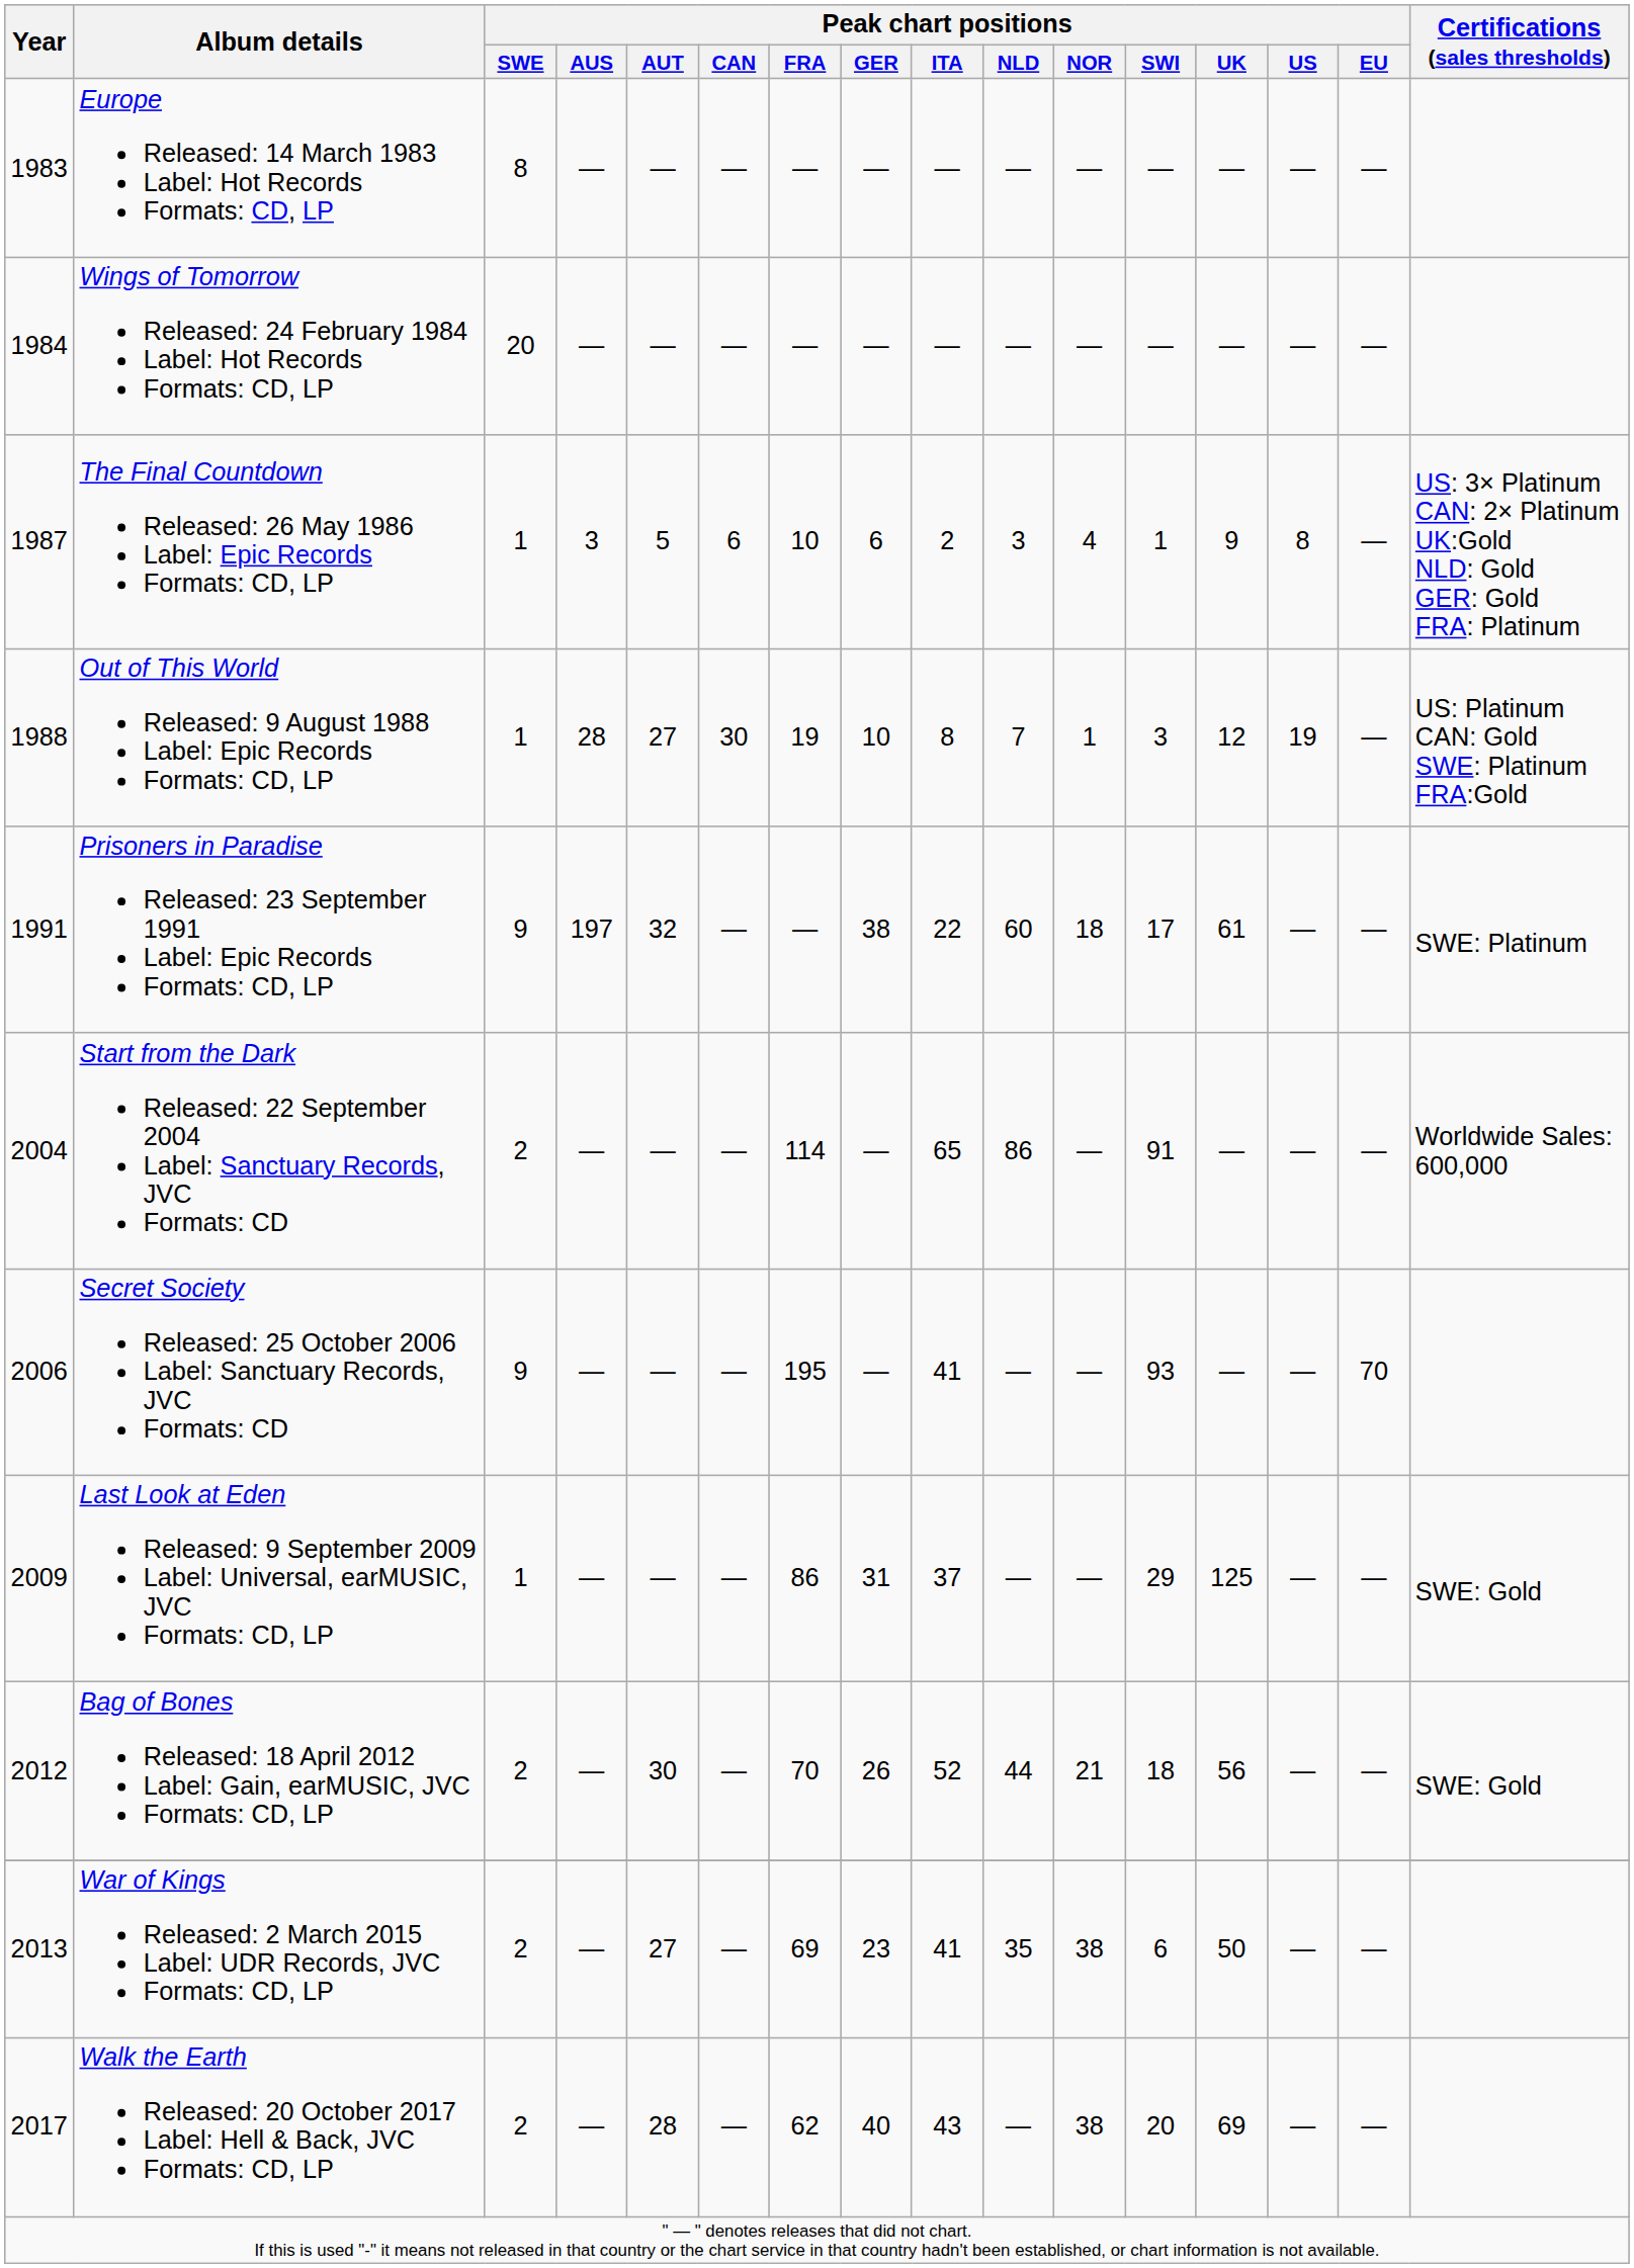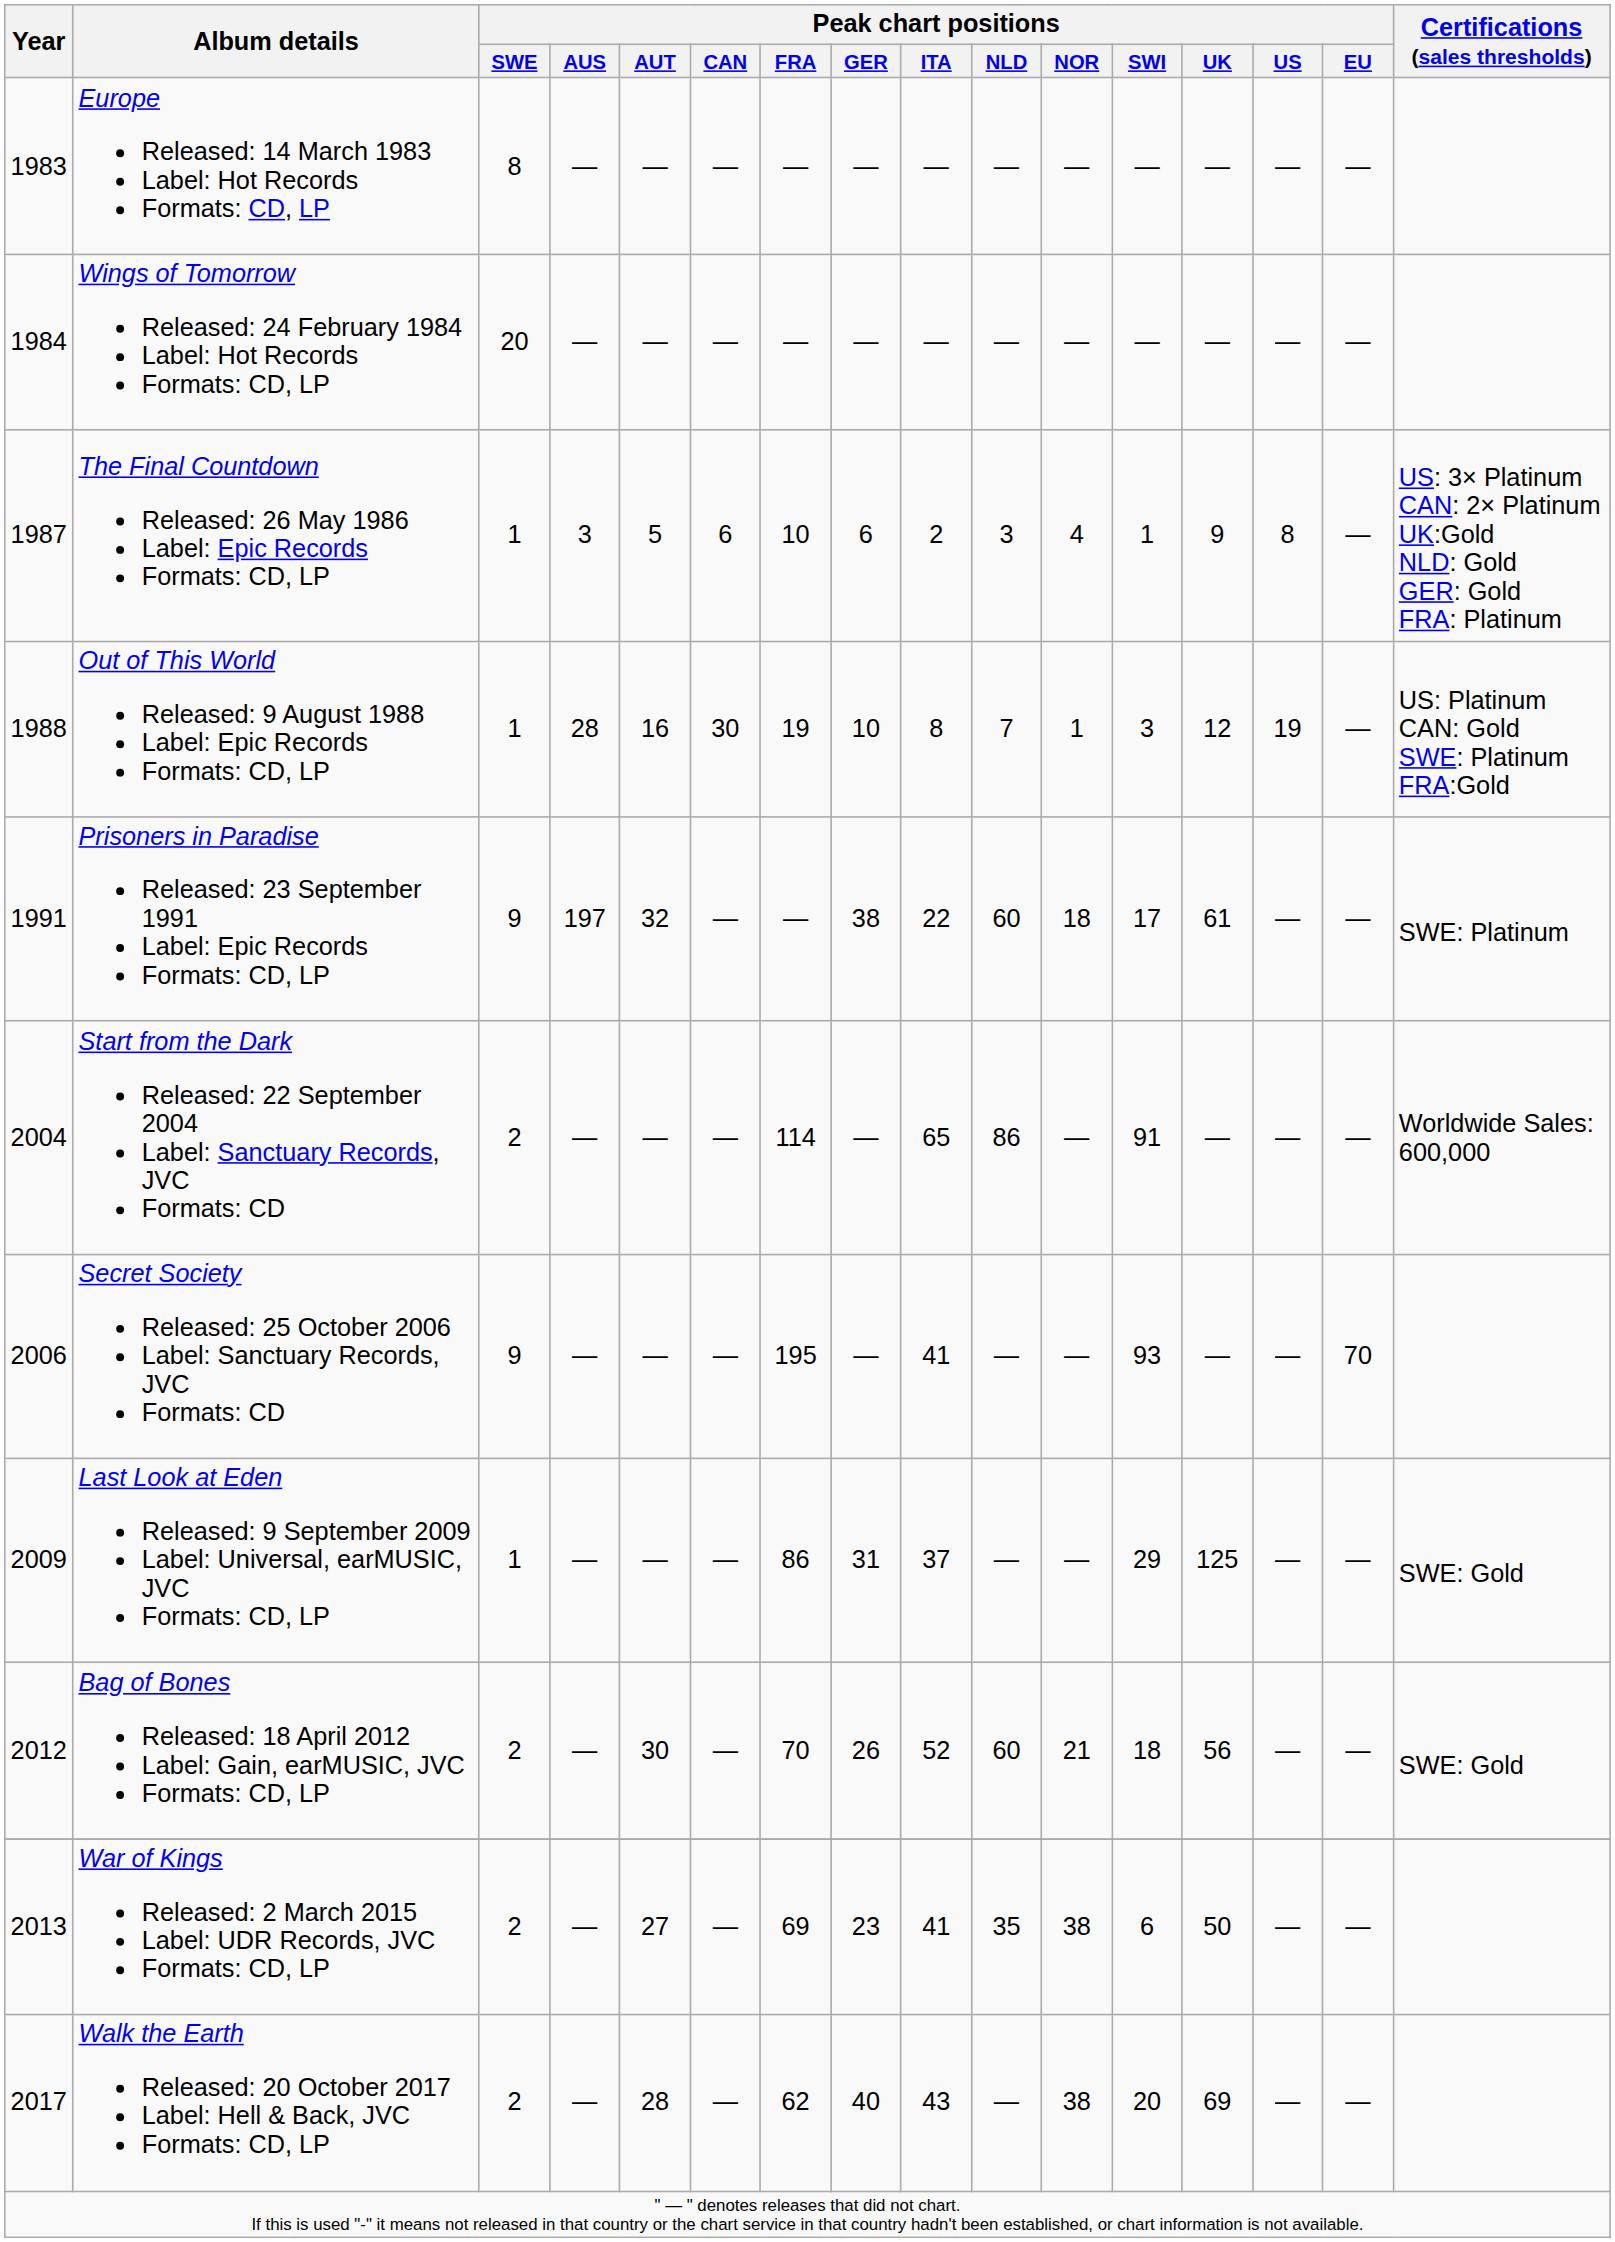 <table class="wikitable">
 <tr>
 <th rowspan="2">Year</th>
 <th rowspan="2" width="250">Album details</th>
 <th colspan="13">Peak chart positions</th>
 <th rowspan="2" width="130"><a href='#'>Certifications</a><br><small>(<a href='#'>sales thresholds</a>)</small></th>
 </tr>
 <tr>
 <th style="width:3em;font-size:80%"><a href='#'>SWE</a><br></th>
 <th style="width:3em;font-size:80%"><a href='#'>AUS</a><br></th>
 <th style="width:3em;font-size:80%"><a href='#'>AUT</a><br></th>
 <th style="width:3em;font-size:80%"><a href='#'>CAN</a><br></th>
 <th style="width:3em;font-size:80%"><a href='#'>FRA</a><br></th>
 <th style="width:3em;font-size:80%"><a href='#'>GER</a><br></th>
 <th style="width:3em;font-size:80%"><a href='#'>ITA</a><br></th>
 <th style="width:3em;font-size:80%"><a href='#'>NLD</a><br></th>
 <th style="width:3em;font-size:80%"><a href='#'>NOR</a><br></th>
 <th style="width:3em;font-size:80%"><a href='#'>SWI</a><br></th>
 <th style="width:3em;font-size:80%"><a href='#'>UK</a><br></th>
 <th style="width:3em;font-size:80%"><a href='#'>US</a><br></th>
 <th style="width:3em;font-size:80%"><a href='#'>EU</a><br></th>
 </tr>
 <tr>
 <td rowspan="1" align="center">1983</td>
 <td><em><a href='#'>Europe</a></em><br><ul><li>Released: 14 March 1983</li><li>Label: Hot Records</li><li>Formats: <a href='#'>CD</a>, <a href='#'>LP</a></li></ul></td>
 <td align="center">8</td>
 <td align="center">—</td>
 <td align="center">—</td>
 <td align="center">—</td>
 <td align="center">—</td>
 <td align="center">—</td>
 <td align="center">—</td>
 <td align="center">—</td>
 <td align="center">—</td>
 <td align="center">—</td>
 <td align="center">—</td>
 <td align="center">—</td>
 <td align="center">—</td>
 <td></td>
 </tr>
 <tr>
 <td rowspan="1" align="center">1984</td>
 <td><em><a href='#'>Wings of Tomorrow</a></em><br><ul><li>Released: 24 February 1984</li><li>Label: Hot Records</li><li>Formats: CD, LP</li></ul></td>
 <td align="center">20</td>
 <td align="center">—</td>
 <td align="center">—</td>
 <td align="center">—</td>
 <td align="center">—</td>
 <td align="center">—</td>
 <td align="center">—</td>
 <td align="center">—</td>
 <td align="center">—</td>
 <td align="center">—</td>
 <td align="center">—</td>
 <td align="center">—</td>
 <td align="center">—</td>
 <td></td>
 </tr>
 <tr>
 <td rowspan="1" align="center">1987</td>
 <td><em><a href='#'>The Final Countdown</a></em><br><ul><li>Released: 26 May 1986</li><li>Label: <a href='#'>Epic Records</a></li><li>Formats: CD, LP</li></ul></td>
 <td align="center">1</td>
 <td align="center">3</td>
 <td align="center">5</td>
 <td align="center">6</td>
 <td align="center">10 </td>
 <td align="center">6</td>
 <td align="center">2</td>
 <td align="center">3</td>
 <td align="center">4</td>
 <td align="center">1</td>
 <td align="center">9</td>
 <td align="center">8</td>
 <td align="center">—</td>
 <td><br><a href='#'>US</a>: 3× Platinum<br> <a href='#'>CAN</a>: 2× Platinum<br> <a href='#'>UK</a>:Gold<br> <a href='#'>NLD</a>: Gold<br> <a href='#'>GER</a>: Gold<br> <a href='#'>FRA</a>: Platinum</td>
 </tr>
 <tr>
 <td rowspan="1" align="center">1988</td>
 <td><em><a href='#'>Out of This World</a></em><br><ul><li>Released: 9 August 1988</li><li>Label: Epic Records</li><li>Formats: CD, LP</li></ul></td>
 <td align="center">1</td>
 <td align="center">28</td>
-<td align="center">27</td>
+<td align="center">16</td>
 <td align="center">30</td>
 <td align="center">19 </td>
 <td align="center">10</td>
 <td align="center">8</td>
 <td align="center">7</td>
 <td align="center">1</td>
 <td align="center">3</td>
 <td align="center">12</td>
 <td align="center">19</td>
 <td align="center">—</td>
 <td><br>US: Platinum<br> CAN: Gold<br> <a href='#'>SWE</a>: Platinum<br> <a href='#'>FRA</a>:Gold</td>
 </tr>
 <tr>
 <td rowspan="1" align="center">1991</td>
 <td><em><a href='#'>Prisoners in Paradise</a></em><br><ul><li>Released: 23 September 1991</li><li>Label: Epic Records</li><li>Formats: CD, LP</li></ul></td>
 <td align="center">9</td>
 <td align="center">197</td>
 <td align="center">32</td>
 <td align="center">—</td>
 <td align="center">—</td>
 <td align="center">38</td>
 <td align="center">22</td>
 <td align="center">60</td>
 <td align="center">18</td>
 <td align="center">17</td>
 <td align="center">61</td>
 <td align="center">—</td>
 <td align="center">—</td>
 <td><br>SWE: Platinum</td>
 </tr>
 <tr>
 <td rowspan="1" align="center">2004</td>
 <td><em><a href='#'>Start from the Dark</a></em><br><ul><li>Released: 22 September 2004</li><li>Label: <a href='#'>Sanctuary Records</a>, JVC</li><li>Formats: CD</li></ul></td>
 <td align="center">2</td>
 <td align="center">—</td>
 <td align="center">—</td>
 <td align="center">—</td>
 <td align="center">114</td>
 <td align="center">—</td>
 <td align="center">65</td>
 <td align="center">86</td>
 <td align="center">—</td>
 <td align="center">91</td>
 <td align="center">—</td>
 <td align="center">—</td>
 <td align="center">—</td>
 <td>Worldwide Sales: 600,000</td>
 </tr>
 <tr>
 <td rowspan="1" align="center">2006</td>
 <td><em><a href='#'>Secret Society</a></em><br><ul><li>Released: 25 October 2006</li><li>Label: Sanctuary Records, JVC</li><li>Formats: CD</li></ul></td>
 <td align="center">9</td>
 <td align="center">—</td>
 <td align="center">—</td>
 <td align="center">—</td>
 <td align="center">195</td>
 <td align="center">—</td>
 <td align="center">41</td>
 <td align="center">—</td>
 <td align="center">—</td>
 <td align="center">93</td>
 <td align="center">—</td>
 <td align="center">—</td>
 <td align="center">70</td>
 <td></td>
 </tr>
 <tr>
 <td rowspan="1" align="center">2009</td>
 <td><em><a href='#'>Last Look at Eden</a></em><br><ul><li>Released: 9 September 2009</li><li>Label: Universal, earMUSIC, JVC</li><li>Formats: CD, LP</li></ul></td>
 <td align="center">1</td>
 <td align="center">—</td>
 <td align="center">—</td>
 <td align="center">—</td>
 <td align="center">86</td>
 <td align="center">31</td>
 <td align="center">37</td>
 <td align="center">—</td>
 <td align="center">—</td>
 <td align="center">29</td>
 <td align="center">125</td>
 <td align="center">—</td>
 <td align="center">—</td>
 <td><br>SWE: Gold</td>
 </tr>
 <tr>
 <td rowspan="1" align="center">2012</td>
 <td><em><a href='#'>Bag of Bones</a></em><br><ul><li>Released: 18 April 2012</li><li>Label: Gain, earMUSIC, JVC</li><li>Formats: CD, LP</li></ul></td>
 <td align="center">2</td>
 <td align="center">—</td>
 <td align="center">30</td>
 <td align="center">—</td>
 <td align="center">70</td>
 <td align="center">26</td>
 <td align="center">52</td>
-<td align="center">44</td>
+<td align="center">60</td>
 <td align="center">21</td>
 <td align="center">18</td>
 <td align="center">56</td>
 <td align="center">—</td>
 <td align="center">—</td>
 <td><br>SWE: Gold</td>
 </tr>
 <tr>
 </tr>
 <tr>
 <td rowspan="1" align="center">2013</td>
 <td><em><a href='#'>War of Kings</a></em><br><ul><li>Released: 2 March 2015</li><li>Label: UDR Records, JVC</li><li>Formats: CD, LP</li></ul></td>
 <td align="center">2</td>
 <td align="center">—</td>
 <td align="center">27</td>
 <td align="center">—</td>
 <td align="center">69</td>
 <td align="center">23</td>
 <td align="center">41</td>
 <td align="center">35</td>
 <td align="center">38</td>
 <td align="center">6</td>
 <td align="center">50</td>
 <td align="center">—</td>
 <td align="center">—</td>
 <td></td>
 </tr>
 <tr>
 <td align="center">2017</td>
 <td><em><a href='#'>Walk the Earth</a></em><br><ul><li>Released: 20 October 2017</li><li>Label: Hell & Back, JVC</li><li>Formats: CD, LP</li></ul></td>
 <td align="center">2</td>
 <td align="center">—</td>
 <td align="center">28</td>
 <td align="center">—</td>
 <td align="center">62</td>
 <td align="center">40</td>
 <td align="center">43<br></td>
 <td align="center">—</td>
 <td align="center">38<br></td>
 <td align="center">20</td>
 <td align="center">69</td>
 <td align="center">—</td>
 <td align="center">—</td>
 <td></td>
 </tr>
 <tr>
 <td align="center" colspan="30" style="font-size: 8pt">" — " denotes releases that did not chart.<br> If this is used "-" it means not released in that country or the chart service in that country hadn't been established, or chart information is not available.</td>
 </tr>
 </table>
